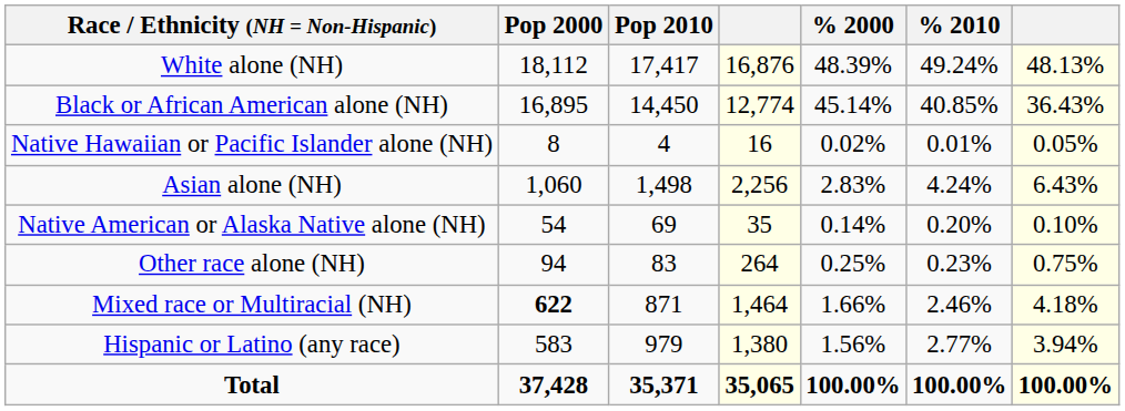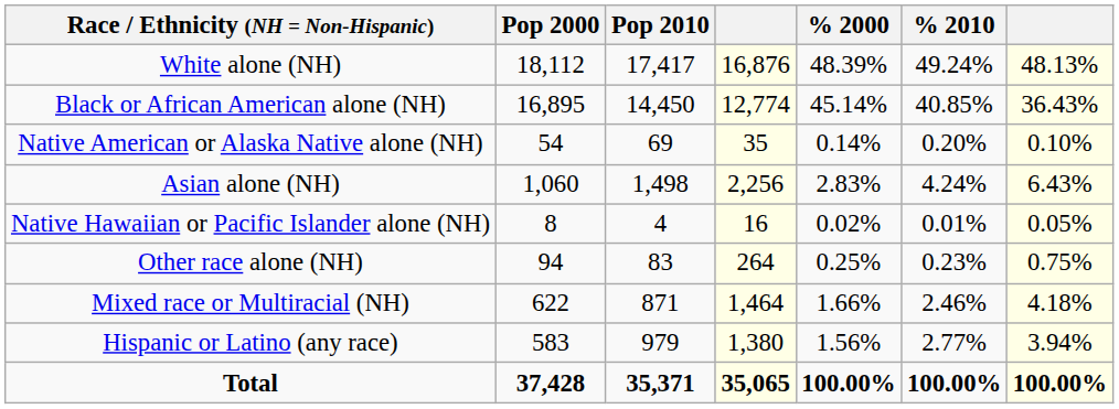 <table class="wikitable" style="text-align:center;">
 <tr>
 <th>Race / Ethnicity <small>(<em>NH = Non-Hispanic</em>)</small></th>
 <th>Pop 2000</th>
 <th>Pop 2010</th>
 <th></th>
 <th>% 2000</th>
 <th>% 2010</th>
 <th></th>
 </tr>
 <tr>
 <td><a href='#'>White</a> alone (NH)</td>
 <td>18,112</td>
 <td>17,417</td>
 <td style='background: #ffffe6;'>16,876</td>
 <td>48.39%</td>
 <td>49.24%</td>
 <td style='background: #ffffe6;'>48.13%</td>
 </tr>
 <tr>
 <td><a href='#'>Black or African American</a> alone (NH)</td>
 <td>16,895</td>
 <td>14,450</td>
 <td style='background: #ffffe6;'>12,774</td>
 <td>45.14%</td>
 <td>40.85%</td>
 <td style='background: #ffffe6;'>36.43%</td>
 </tr>
 <tr>
-<td><a href='#'>Native Hawaiian</a> or <a href='#'>Pacific Islander</a> alone (NH)</td>
-<td>8</td>
-<td>4</td>
-<td style='background: #ffffe6;'>16</td>
-<td>0.02%</td>
-<td>0.01%</td>
-<td style='background: #ffffe6;'>0.05%</td>
+<td><a href='#'>Native American</a> or <a href='#'>Alaska Native</a> alone (NH)</td>
+<td>54</td>
+<td>69</td>
+<td style='background: #ffffe6;'>35</td>
+<td>0.14%</td>
+<td>0.20%</td>
+<td style='background: #ffffe6;'>0.10%</td>
 </tr>
 <tr>
 <td><a href='#'>Asian</a> alone (NH)</td>
 <td>1,060</td>
 <td>1,498</td>
 <td style='background: #ffffe6;'>2,256</td>
 <td>2.83%</td>
 <td>4.24%</td>
 <td style='background: #ffffe6;'>6.43%</td>
 </tr>
 <tr>
-<td><a href='#'>Native American</a> or <a href='#'>Alaska Native</a> alone (NH)</td>
-<td>54</td>
-<td>69</td>
-<td style='background: #ffffe6;'>35</td>
-<td>0.14%</td>
-<td>0.20%</td>
-<td style='background: #ffffe6;'>0.10%</td>
+<td><a href='#'>Native Hawaiian</a> or <a href='#'>Pacific Islander</a> alone (NH)</td>
+<td>8</td>
+<td>4</td>
+<td style='background: #ffffe6;'>16</td>
+<td>0.02%</td>
+<td>0.01%</td>
+<td style='background: #ffffe6;'>0.05%</td>
 </tr>
 <tr>
 <td><a href='#'>Other race</a> alone (NH)</td>
 <td>94</td>
 <td>83</td>
 <td style='background: #ffffe6;'>264</td>
 <td>0.25%</td>
 <td>0.23%</td>
 <td style='background: #ffffe6;'>0.75%</td>
 </tr>
 <tr>
 <td><a href='#'>Mixed race or Multiracial</a> (NH)</td>
-<td><strong>622</strong></td>
+<td>622</td>
 <td>871</td>
 <td style='background: #ffffe6;'>1,464</td>
 <td>1.66%</td>
 <td>2.46%</td>
 <td style='background: #ffffe6;'>4.18%</td>
 </tr>
 <tr>
 <td><a href='#'>Hispanic or Latino</a> (any race)</td>
 <td>583</td>
 <td>979</td>
 <td style='background: #ffffe6;'>1,380</td>
 <td>1.56%</td>
 <td>2.77%</td>
 <td style='background: #ffffe6;'>3.94%</td>
 </tr>
 <tr>
 <td><strong>Total</strong></td>
 <td><strong>37,428</strong></td>
 <td><strong>35,371</strong></td>
 <td style='background: #ffffe6;'><strong>35,065</strong></td>
 <td><strong>100.00%</strong></td>
 <td><strong>100.00%</strong></td>
 <td style='background: #ffffe6;'><strong>100.00%</strong></td>
 </tr>
 </table>
